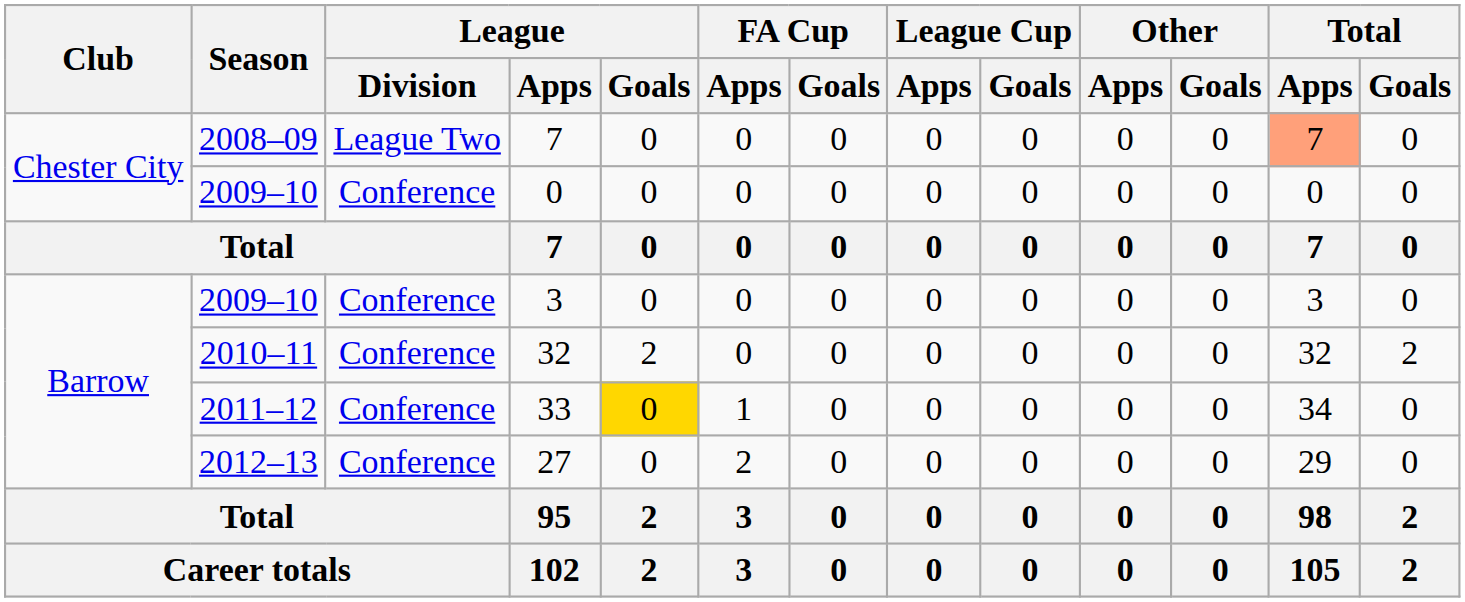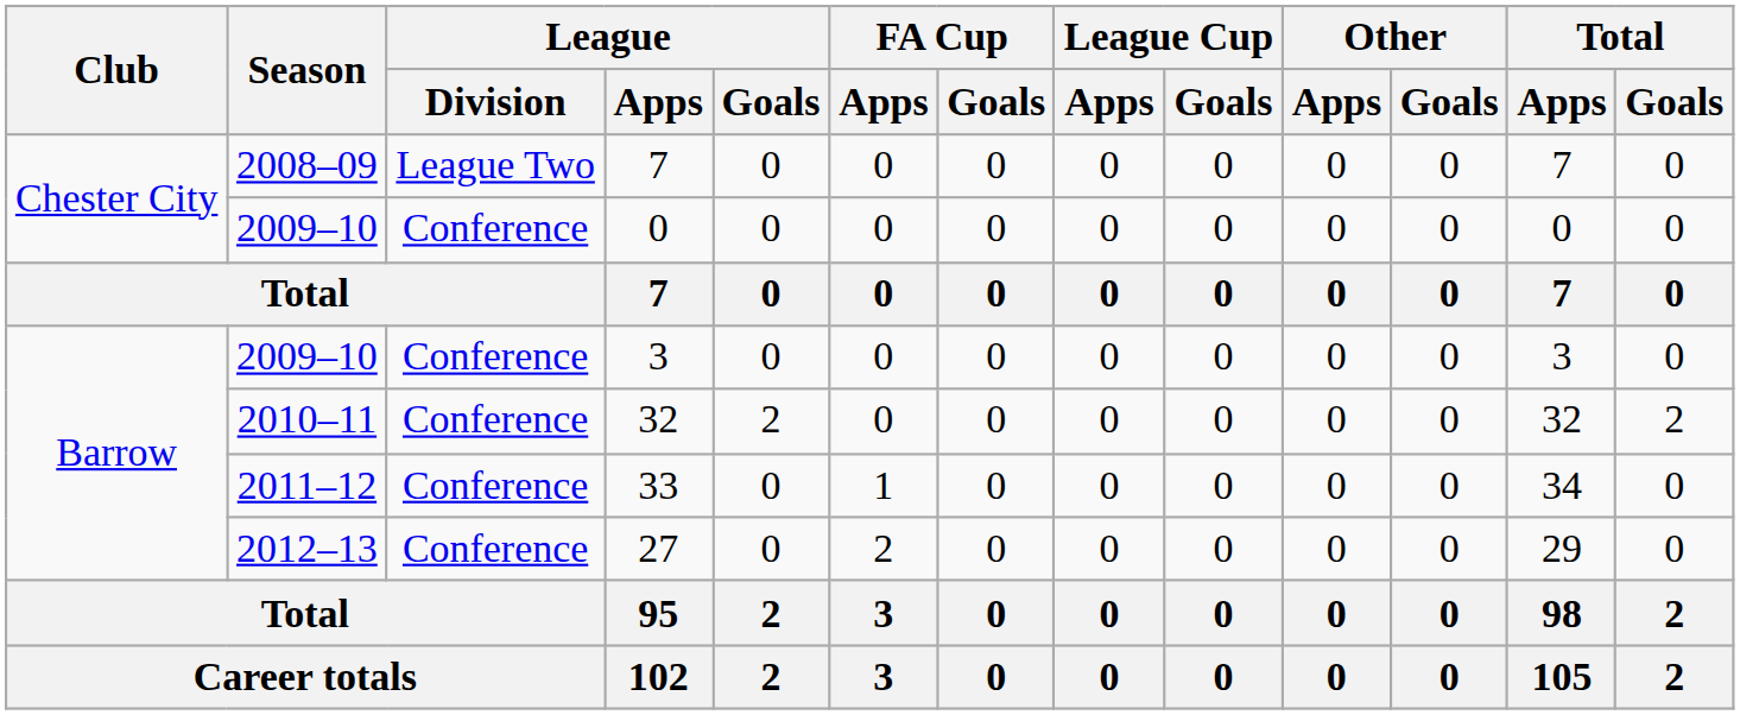 <table class="wikitable" style="text-align: center;">
 <tr>
 <th rowspan="2">Club</th>
 <th rowspan="2">Season</th>
 <th colspan="3">League</th>
 <th colspan="2">FA Cup</th>
 <th colspan="2">League Cup</th>
 <th colspan="2">Other</th>
 <th colspan="2">Total</th>
 </tr>
 <tr>
 <th>Division</th>
 <th>Apps</th>
 <th>Goals</th>
 <th>Apps</th>
 <th>Goals</th>
 <th>Apps</th>
 <th>Goals</th>
 <th>Apps</th>
 <th>Goals</th>
 <th>Apps</th>
 <th>Goals</th>
 </tr>
 <tr>
 <td rowspan="2" valign="center"><a href='#'>Chester City</a></td>
 <td><a href='#'>2008–09</a></td>
 <td><a href='#'>League Two</a></td>
 <td>7</td>
 <td>0</td>
 <td>0</td>
 <td>0</td>
 <td>0</td>
 <td>0</td>
 <td>0</td>
 <td>0</td>
-<td style="background: lightsalmon;">7</td>
+<td>7</td>
 <td>0</td>
 </tr>
 <tr>
 <td><a href='#'>2009–10</a></td>
 <td><a href='#'>Conference</a></td>
 <td>0</td>
 <td>0</td>
 <td>0</td>
 <td>0</td>
 <td>0</td>
 <td>0</td>
 <td>0</td>
 <td>0</td>
 <td>0</td>
 <td>0</td>
 </tr>
 <tr>
 <th colspan="3">Total</th>
 <th>7</th>
 <th>0</th>
 <th>0</th>
 <th>0</th>
 <th>0</th>
 <th>0</th>
 <th>0</th>
 <th>0</th>
 <th>7</th>
 <th>0</th>
 </tr>
 <tr>
 <td rowspan="4" valign="center"><a href='#'>Barrow</a></td>
 <td><a href='#'>2009–10</a></td>
 <td><a href='#'>Conference</a></td>
 <td>3</td>
 <td>0</td>
 <td>0</td>
 <td>0</td>
 <td>0</td>
 <td>0</td>
 <td>0</td>
 <td>0</td>
 <td>3</td>
 <td>0</td>
 </tr>
 <tr>
 <td><a href='#'>2010–11</a></td>
 <td><a href='#'>Conference</a></td>
 <td>32</td>
 <td>2</td>
 <td>0</td>
 <td>0</td>
 <td>0</td>
 <td>0</td>
 <td>0</td>
 <td>0</td>
 <td>32</td>
 <td>2</td>
 </tr>
 <tr>
 <td><a href='#'>2011–12</a></td>
 <td><a href='#'>Conference</a></td>
 <td>33</td>
-<td style="background: gold;">0</td>
+<td>0</td>
 <td>1</td>
 <td>0</td>
 <td>0</td>
 <td>0</td>
 <td>0</td>
 <td>0</td>
 <td>34</td>
 <td>0</td>
 </tr>
 <tr>
 <td><a href='#'>2012–13</a></td>
 <td><a href='#'>Conference</a></td>
 <td>27</td>
 <td>0</td>
 <td>2</td>
 <td>0</td>
 <td>0</td>
 <td>0</td>
 <td>0</td>
 <td>0</td>
 <td>29</td>
 <td>0</td>
 </tr>
 <tr>
 <th colspan="3">Total</th>
 <th>95</th>
 <th>2</th>
 <th>3</th>
 <th>0</th>
 <th>0</th>
 <th>0</th>
 <th>0</th>
 <th>0</th>
 <th>98</th>
 <th>2</th>
 </tr>
 <tr>
 <th colspan="3">Career totals</th>
 <th>102</th>
 <th>2</th>
 <th>3</th>
 <th>0</th>
 <th>0</th>
 <th>0</th>
 <th>0</th>
 <th>0</th>
 <th>105</th>
 <th>2</th>
 </tr>
 </table>
